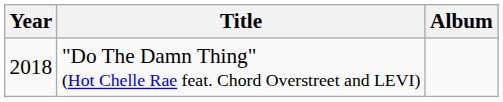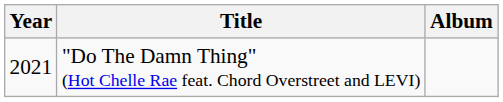 <table class="wikitable">
 <tr>
 <th>Year</th>
 <th>Title</th>
 <th>Album</th>
 </tr>
 <tr>
-<td>2018</td>
+<td>2021</td>
 <td>"Do The Damn Thing"<br><small>(<a href='#'>Hot Chelle Rae</a> feat. Chord Overstreet and LEVI)</small></td>
 <td></td>
 </tr>
 </table>
